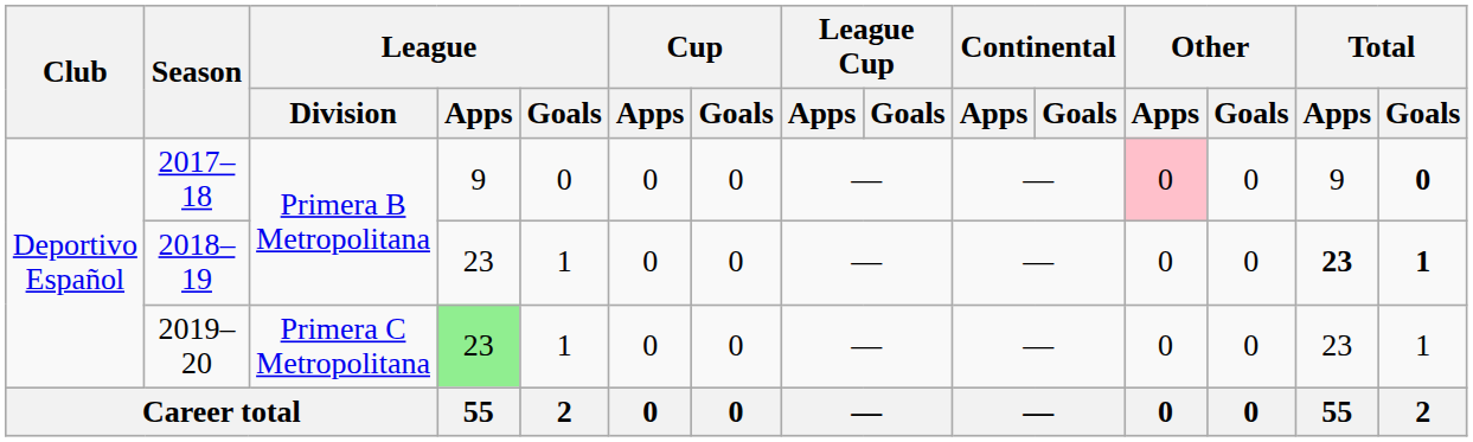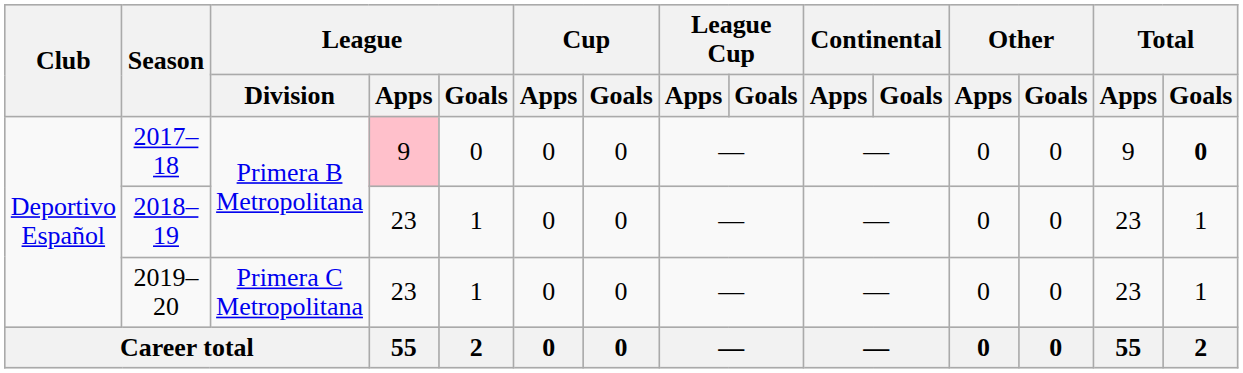 <table class="wikitable" style="text-align:center">
 <tr>
 <th rowspan="2">Club</th>
 <th rowspan="2">Season</th>
 <th colspan="3">League</th>
 <th colspan="2">Cup</th>
 <th colspan="2">League Cup</th>
 <th colspan="2">Continental</th>
 <th colspan="2">Other</th>
 <th colspan="2">Total</th>
 </tr>
 <tr>
 <th>Division</th>
 <th>Apps</th>
 <th>Goals</th>
 <th>Apps</th>
 <th>Goals</th>
 <th>Apps</th>
 <th>Goals</th>
 <th>Apps</th>
 <th>Goals</th>
 <th>Apps</th>
 <th>Goals</th>
 <th>Apps</th>
 <th>Goals</th>
 </tr>
 <tr>
 <td rowspan="3"><a href='#'>Deportivo Español</a></td>
 <td><a href='#'>2017–18</a></td>
 <td rowspan="2"><a href='#'>Primera B Metropolitana</a></td>
-<td>9</td>
+<td style="background: pink;">9</td>
 <td>0</td>
 <td>0</td>
 <td>0</td>
 <td colspan="2">—</td>
 <td colspan="2">—</td>
-<td style="background: pink;">0</td>
+<td>0</td>
 <td>0</td>
 <td>9</td>
 <td><strong>0</strong></td>
 </tr>
 <tr>
 <td><a href='#'>2018–19</a></td>
 <td>23</td>
 <td>1</td>
 <td>0</td>
 <td>0</td>
 <td colspan="2">—</td>
 <td colspan="2">—</td>
 <td>0</td>
 <td>0</td>
-<td><strong>23</strong></td>
-<td><strong>1</strong></td>
+<td>23</td>
+<td>1</td>
 </tr>
 <tr>
 <td>2019–20</td>
 <td rowspan="1"><a href='#'>Primera C Metropolitana</a></td>
-<td style="background: lightgreen;">23</td>
+<td>23</td>
 <td>1</td>
 <td>0</td>
 <td>0</td>
 <td colspan="2">—</td>
 <td colspan="2">—</td>
 <td>0</td>
 <td>0</td>
 <td>23</td>
 <td>1</td>
 </tr>
 <tr>
 <th colspan="3">Career total</th>
 <th>55</th>
 <th>2</th>
 <th>0</th>
 <th>0</th>
 <th colspan="2">—</th>
 <th colspan="2">—</th>
 <th>0</th>
 <th>0</th>
 <th>55</th>
 <th>2</th>
 </tr>
 </table>
